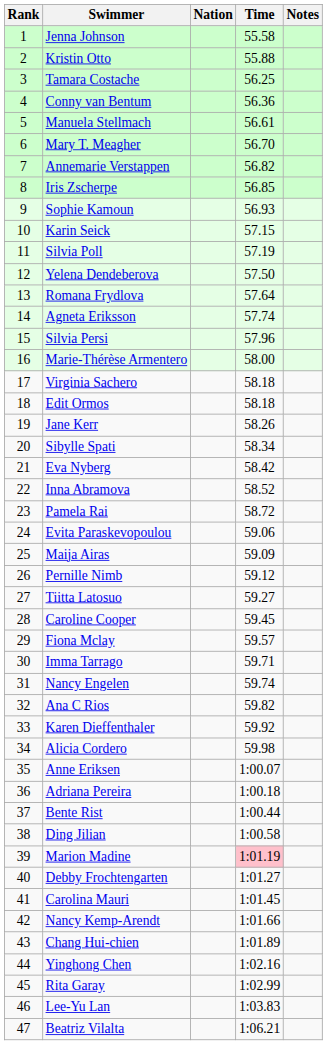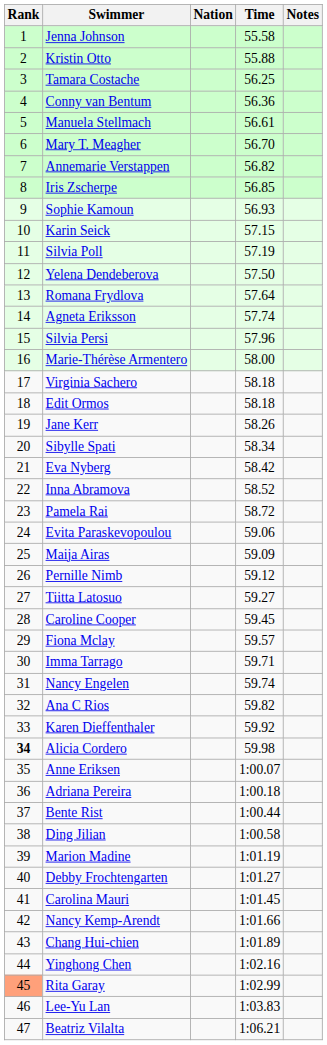 <table class="wikitable sortable" style="text-align:center">
 <tr>
 <th>Rank</th>
 <th>Swimmer</th>
 <th>Nation</th>
 <th>Time</th>
 <th>Notes</th>
 </tr>
 <tr bgcolor=ccffcc>
 <td>1</td>
 <td align=left><a href='#'>Jenna Johnson</a></td>
 <td align=left></td>
 <td>55.58</td>
 <td></td>
 </tr>
 <tr bgcolor=ccffcc>
 <td>2</td>
 <td align=left><a href='#'>Kristin Otto</a></td>
 <td align=left></td>
 <td>55.88</td>
 <td></td>
 </tr>
 <tr bgcolor=ccffcc>
 <td>3</td>
 <td align=left><a href='#'>Tamara Costache</a></td>
 <td align=left></td>
 <td>56.25</td>
 <td></td>
 </tr>
 <tr bgcolor=ccffcc>
 <td>4</td>
 <td align=left><a href='#'>Conny van Bentum</a></td>
 <td align=left></td>
 <td>56.36</td>
 <td></td>
 </tr>
 <tr bgcolor=ccffcc>
 <td>5</td>
 <td align=left><a href='#'>Manuela Stellmach</a></td>
 <td align=left></td>
 <td>56.61</td>
 <td></td>
 </tr>
 <tr bgcolor=ccffcc>
 <td>6</td>
 <td align=left><a href='#'>Mary T. Meagher</a></td>
 <td align=left></td>
 <td>56.70</td>
 <td></td>
 </tr>
 <tr bgcolor=ccffcc>
 <td>7</td>
 <td align=left><a href='#'>Annemarie Verstappen</a></td>
 <td align=left></td>
 <td>56.82</td>
 <td></td>
 </tr>
 <tr bgcolor=ccffcc>
 <td>8</td>
 <td align=left><a href='#'>Iris Zscherpe</a></td>
 <td align=left></td>
 <td>56.85</td>
 <td></td>
 </tr>
 <tr bgcolor=e5ffe5>
 <td>9</td>
 <td align=left><a href='#'>Sophie Kamoun</a></td>
 <td align=left></td>
 <td>56.93</td>
 <td></td>
 </tr>
 <tr bgcolor=e5ffe5>
 <td>10</td>
 <td align=left><a href='#'>Karin Seick</a></td>
 <td align=left></td>
 <td>57.15</td>
 <td></td>
 </tr>
 <tr bgcolor=e5ffe5>
 <td>11</td>
 <td align=left><a href='#'>Silvia Poll</a></td>
 <td align=left></td>
 <td>57.19</td>
 <td></td>
 </tr>
 <tr bgcolor=e5ffe5>
 <td>12</td>
 <td align=left><a href='#'>Yelena Dendeberova</a></td>
 <td align=left></td>
 <td>57.50</td>
 <td></td>
 </tr>
 <tr bgcolor=e5ffe5>
 <td>13</td>
 <td align=left><a href='#'>Romana Frydlova</a></td>
 <td align=left></td>
 <td>57.64</td>
 <td></td>
 </tr>
 <tr bgcolor=e5ffe5>
 <td>14</td>
 <td align=left><a href='#'>Agneta Eriksson</a></td>
 <td align=left></td>
 <td>57.74</td>
 <td></td>
 </tr>
 <tr bgcolor=e5ffe5>
 <td>15</td>
 <td align=left><a href='#'>Silvia Persi</a></td>
 <td align=left></td>
 <td>57.96</td>
 <td></td>
 </tr>
 <tr bgcolor=e5ffe5>
 <td>16</td>
 <td align=left><a href='#'>Marie-Thérèse Armentero</a></td>
 <td align=left></td>
 <td>58.00</td>
 <td></td>
 </tr>
 <tr>
 <td>17</td>
 <td align=left><a href='#'>Virginia Sachero</a></td>
 <td align=left></td>
 <td>58.18</td>
 <td></td>
 </tr>
 <tr>
 <td>18</td>
 <td align=left><a href='#'>Edit Ormos</a></td>
 <td align=left></td>
 <td>58.18</td>
 <td></td>
 </tr>
 <tr>
 <td>19</td>
 <td align=left><a href='#'>Jane Kerr</a></td>
 <td align=left></td>
 <td>58.26</td>
 <td></td>
 </tr>
 <tr>
 <td>20</td>
 <td align=left><a href='#'>Sibylle Spati</a></td>
 <td align=left></td>
 <td>58.34</td>
 <td></td>
 </tr>
 <tr>
 <td>21</td>
 <td align=left><a href='#'>Eva Nyberg</a></td>
 <td align=left></td>
 <td>58.42</td>
 <td></td>
 </tr>
 <tr>
 <td>22</td>
 <td align=left><a href='#'>Inna Abramova</a></td>
 <td align=left></td>
 <td>58.52</td>
 <td></td>
 </tr>
 <tr>
 <td>23</td>
 <td align=left><a href='#'>Pamela Rai</a></td>
 <td align=left></td>
 <td>58.72</td>
 <td></td>
 </tr>
 <tr>
 <td>24</td>
 <td align=left><a href='#'>Evita Paraskevopoulou</a></td>
 <td align=left></td>
 <td>59.06</td>
 <td></td>
 </tr>
 <tr>
 <td>25</td>
 <td align=left><a href='#'>Maija Airas</a></td>
 <td align=left></td>
 <td>59.09</td>
 <td></td>
 </tr>
 <tr>
 <td>26</td>
 <td align=left><a href='#'>Pernille Nimb</a></td>
 <td align=left></td>
 <td>59.12</td>
 <td></td>
 </tr>
 <tr>
 <td>27</td>
 <td align=left><a href='#'>Tiitta Latosuo</a></td>
 <td align=left></td>
 <td>59.27</td>
 <td></td>
 </tr>
 <tr>
 <td>28</td>
 <td align=left><a href='#'>Caroline Cooper</a></td>
 <td align=left></td>
 <td>59.45</td>
 <td></td>
 </tr>
 <tr>
 <td>29</td>
 <td align=left><a href='#'>Fiona Mclay</a></td>
 <td align=left></td>
 <td>59.57</td>
 <td></td>
 </tr>
 <tr>
 <td>30</td>
 <td align=left><a href='#'>Imma Tarrago</a></td>
 <td align=left></td>
 <td>59.71</td>
 <td></td>
 </tr>
 <tr>
 <td>31</td>
 <td align=left><a href='#'>Nancy Engelen</a></td>
 <td align=left></td>
 <td>59.74</td>
 <td></td>
 </tr>
 <tr>
 <td>32</td>
 <td align=left><a href='#'>Ana C Rios</a></td>
 <td align=left></td>
 <td>59.82</td>
 <td></td>
 </tr>
 <tr>
 <td>33</td>
 <td align=left><a href='#'>Karen Dieffenthaler</a></td>
 <td align=left></td>
 <td>59.92</td>
 <td></td>
 </tr>
 <tr>
-<td>34</td>
+<td><strong>34</strong></td>
 <td align=left><a href='#'>Alicia Cordero</a></td>
 <td align=left></td>
 <td>59.98</td>
 <td></td>
 </tr>
 <tr>
 <td>35</td>
 <td align=left><a href='#'>Anne Eriksen</a></td>
 <td align=left></td>
 <td>1:00.07</td>
 <td></td>
 </tr>
 <tr>
 <td>36</td>
 <td align=left><a href='#'>Adriana Pereira</a></td>
 <td align=left></td>
 <td>1:00.18</td>
 <td></td>
 </tr>
 <tr>
 <td>37</td>
 <td align=left><a href='#'>Bente Rist</a></td>
 <td align=left></td>
 <td>1:00.44</td>
 <td></td>
 </tr>
 <tr>
 <td>38</td>
 <td align=left><a href='#'>Ding Jilian</a></td>
 <td align=left></td>
 <td>1:00.58</td>
 <td></td>
 </tr>
 <tr>
 <td>39</td>
 <td align=left><a href='#'>Marion Madine</a></td>
 <td align=left></td>
-<td style="background: pink;">1:01.19</td>
+<td>1:01.19</td>
 <td></td>
 </tr>
 <tr>
 <td>40</td>
 <td align=left><a href='#'>Debby Frochtengarten</a></td>
 <td align=left></td>
 <td>1:01.27</td>
 <td></td>
 </tr>
 <tr>
 <td>41</td>
 <td align=left><a href='#'>Carolina Mauri</a></td>
 <td align=left></td>
 <td>1:01.45</td>
 <td></td>
 </tr>
 <tr>
 <td>42</td>
 <td align=left><a href='#'>Nancy Kemp-Arendt</a></td>
 <td align=left></td>
 <td>1:01.66</td>
 <td></td>
 </tr>
 <tr>
 <td>43</td>
 <td align=left><a href='#'>Chang Hui-chien</a></td>
 <td align=left></td>
 <td>1:01.89</td>
 <td></td>
 </tr>
 <tr>
 <td>44</td>
 <td align=left><a href='#'>Yinghong Chen</a></td>
 <td align=left></td>
 <td>1:02.16</td>
 <td></td>
 </tr>
 <tr>
-<td>45</td>
+<td style="background: lightsalmon;">45</td>
 <td align=left><a href='#'>Rita Garay</a></td>
 <td align=left></td>
 <td>1:02.99</td>
 <td></td>
 </tr>
 <tr>
 <td>46</td>
 <td align=left><a href='#'>Lee-Yu Lan</a></td>
 <td align=left></td>
 <td>1:03.83</td>
 <td></td>
 </tr>
 <tr>
 <td>47</td>
 <td align=left><a href='#'>Beatriz Vilalta</a></td>
 <td align=left></td>
 <td>1:06.21</td>
 <td></td>
 </tr>
 </table>
